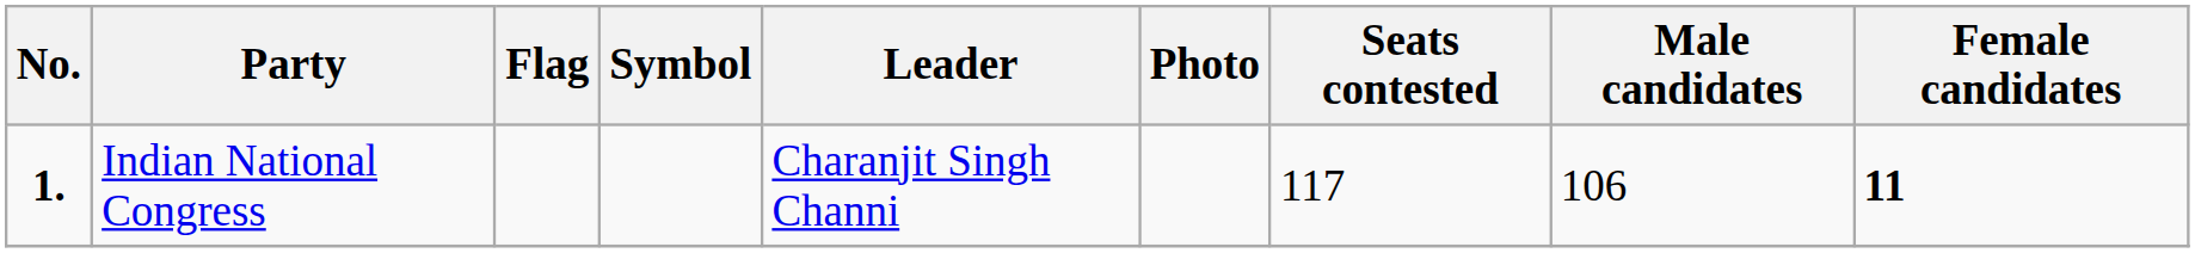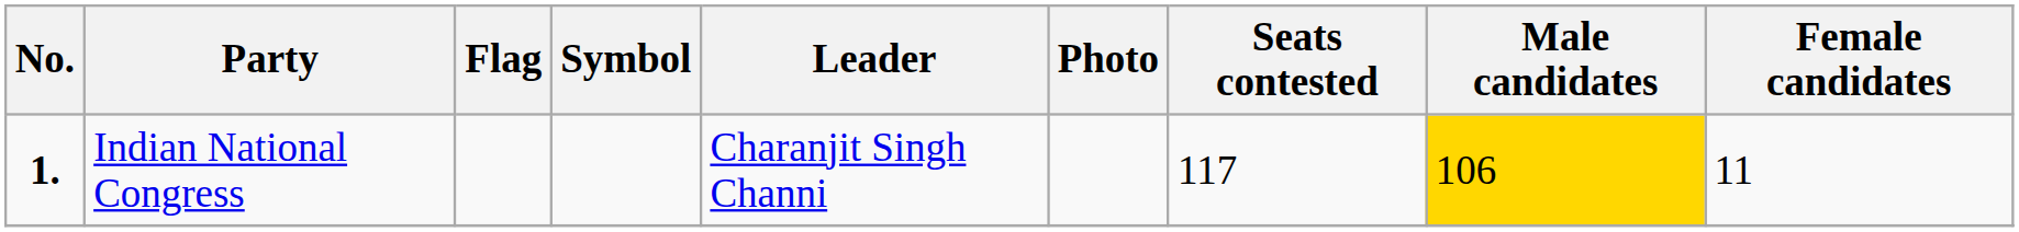 <table class="wikitable" width="50%">
 <tr>
 <th>No.</th>
 <th>Party</th>
 <th>Flag</th>
 <th>Symbol</th>
 <th>Leader</th>
 <th>Photo</th>
 <th>Seats contested</th>
 <th>Male candidates</th>
 <th>Female candidates</th>
 </tr>
 <tr>
 <td ! style="text-align:center; background:"><strong>1.</strong></td>
 <td><a href='#'>Indian National Congress</a></td>
 <td></td>
 <td></td>
 <td><a href='#'>Charanjit Singh Channi</a></td>
 <td></td>
 <td>117</td>
-<td>106</td>
-<td><strong>11</strong></td>
+<td style="background: gold;">106</td>
+<td>11</td>
 </tr>
 <tr>
 </tr>
 </table>
